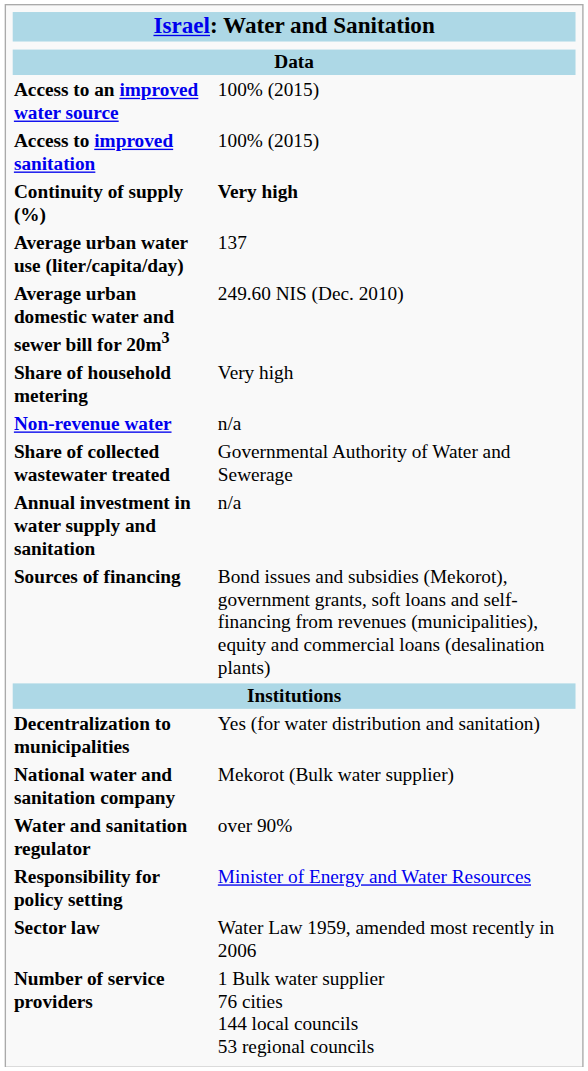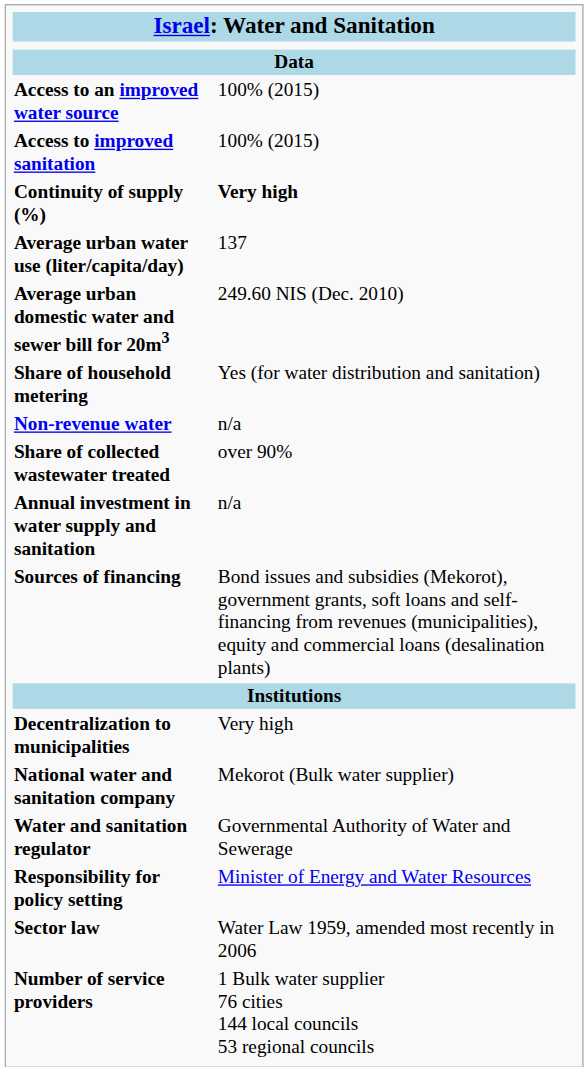 <table style="width: 30em; font-size: 90%; text-align: left;" class="infobox">
 <tr>
 <th style="text-align:center; background:lightblue;" colspan="3"><big><a href='#'>Israel</a>: Water and Sanitation</big></th>
 </tr>
 <tr>
 <th style="text-align:center;" colspan="3"></th>
 </tr>
 <tr>
 <th style="text-align:center; background:lightblue;" colspan="3">Data</th>
 </tr>
 <tr>
 <th style="text-align:left; vertical-align:top;">Access to an <a href='#'>improved water source</a></th>
 <td valign="top">100% (2015)</td>
 </tr>
 <tr>
 <th style="text-align:left; vertical-align:top;">Access to <a href='#'>improved sanitation</a></th>
 <td valign="top">100% (2015)</td>
 </tr>
 <tr>
 <th style="text-align:left; vertical-align:top;">Continuity of supply (%)</th>
 <td valign="top"><strong>Very high</strong></td>
 </tr>
 <tr>
 <th style="text-align:left; vertical-align:top;">Average urban water use (liter/capita/day)</th>
 <td valign="top">137</td>
 </tr>
 <tr>
 <th style="text-align:left; vertical-align:top;">Average urban domestic water and sewer bill for 20m<sup>3</sup></th>
 <td valign="top">249.60 NIS (Dec. 2010)</td>
 </tr>
 <tr>
 <th style="text-align:left; vertical-align:top;">Share of household metering</th>
-<td valign="top">Very high</td>
+<td valign="top">Yes (for water distribution and sanitation)</td>
 </tr>
 <tr>
 <th style="text-align:left; vertical-align:top;"><a href='#'>Non-revenue water</a></th>
 <td valign="top">n/a</td>
 </tr>
 <tr>
 <th style="text-align:left; vertical-align:top;">Share of collected wastewater treated</th>
-<td valign="top">Governmental Authority of Water and Sewerage</td>
+<td valign="top">over 90%</td>
 </tr>
 <tr>
 <th style="text-align:left; vertical-align:top;">Annual investment in water supply and sanitation</th>
 <td valign="top">n/a</td>
 </tr>
 <tr>
 <th style="text-align:left; vertical-align:top;">Sources of financing</th>
 <td valign="top">Bond issues and subsidies (Mekorot), government grants, soft loans and self-financing from revenues (municipalities), equity and commercial loans (desalination plants)</td>
 </tr>
 <tr>
 <th style="text-align:center; background:lightblue;" colspan="3">Institutions</th>
 </tr>
 <tr>
 <th style="text-align:left; vertical-align:top;">Decentralization to municipalities</th>
-<td valign="top">Yes (for water distribution and sanitation)</td>
+<td valign="top">Very high</td>
 </tr>
 <tr>
 <th style="text-align:left; vertical-align:top;">National water and sanitation company</th>
 <td valign="top">Mekorot (Bulk water supplier)</td>
 </tr>
 <tr>
 <th style="text-align:left; vertical-align:top;">Water and sanitation regulator</th>
-<td valign="top">over 90%</td>
+<td valign="top">Governmental Authority of Water and Sewerage</td>
 </tr>
 <tr>
 <th style="text-align:left; vertical-align:top;">Responsibility for policy setting</th>
 <td valign="top"><a href='#'>Minister of Energy and Water Resources</a></td>
 </tr>
 <tr>
 <th style="text-align:left; vertical-align:top;">Sector law</th>
 <td valign="top">Water Law 1959, amended most recently in 2006</td>
 </tr>
 <tr>
 <th style="text-align:left; vertical-align:top;">Number of service providers</th>
 <td valign="top">1 Bulk water supplier <br> 76 cities <br> 144 local councils <br> 53 regional councils</td>
 </tr>
 </table>
